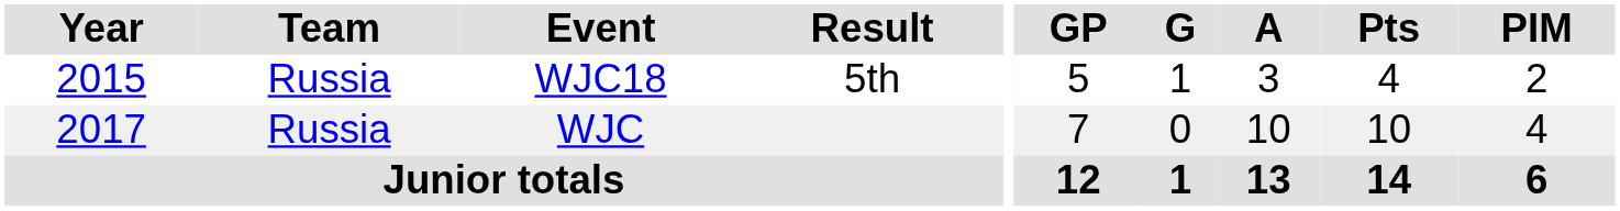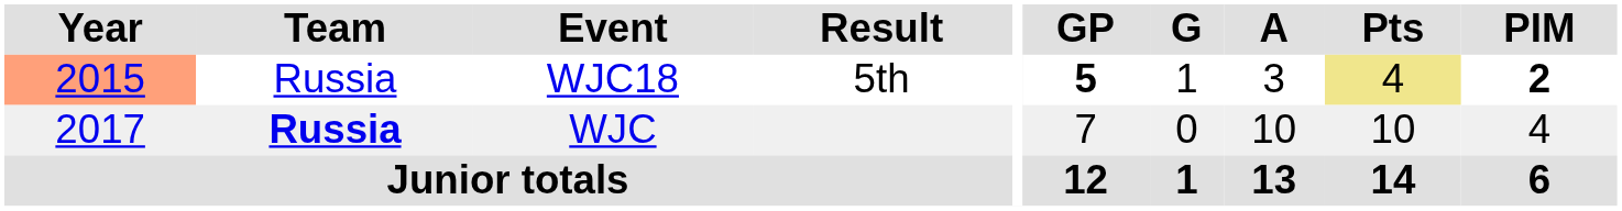 <table border="0" cellpadding="1" cellspacing="0" ID="Table3" style="text-align:center; width:40em">
 <tr ALIGN="center" bgcolor="#e0e0e0">
 <th>Year</th>
 <th>Team</th>
 <th>Event</th>
 <th>Result</th>
 <th rowspan="99" bgcolor="#ffffff"></th>
 <th>GP</th>
 <th>G</th>
 <th>A</th>
 <th>Pts</th>
 <th>PIM</th>
 </tr>
 <tr>
-<td><a href='#'>2015</a></td>
+<td style="background: lightsalmon;"><a href='#'>2015</a></td>
 <td><a href='#'>Russia</a></td>
 <td><a href='#'>WJC18</a></td>
 <td>5th</td>
-<td>5</td>
+<td><strong>5</strong></td>
 <td>1</td>
 <td>3</td>
-<td>4</td>
-<td>2</td>
+<td style="background: khaki;">4</td>
+<td><strong>2</strong></td>
 </tr>
 <tr bgcolor="#f0f0f0">
 <td><a href='#'>2017</a></td>
-<td><a href='#'>Russia</a></td>
+<td><strong><a href='#'>Russia</a></strong></td>
 <td><a href='#'>WJC</a></td>
 <td></td>
 <td>7</td>
 <td>0</td>
 <td>10</td>
 <td>10</td>
 <td>4</td>
 </tr>
 <tr bgcolor="#e0e0e0">
 <th colspan="4">Junior totals</th>
 <th>12</th>
 <th>1</th>
 <th>13</th>
 <th>14</th>
 <th>6</th>
 </tr>
 </table>
